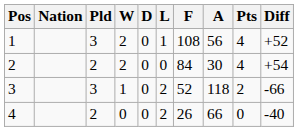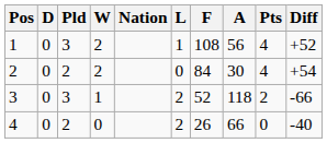 <table class="wikitable">
 <tr>
 <th>Pos</th>
-<th>Nation</th>
+<th>D</th>
 <th>Pld</th>
 <th>W</th>
-<th>D</th>
+<th>Nation</th>
 <th>L</th>
 <th>F</th>
 <th>A</th>
 <th>Pts</th>
 <th>Diff</th>
 </tr>
 <tr>
 <td>1</td>
-<td></td>
+<td>0</td>
 <td>3</td>
 <td>2</td>
-<td>0</td>
+<td></td>
 <td>1</td>
 <td>108</td>
 <td>56</td>
 <td>4</td>
 <td>+52</td>
 </tr>
 <tr>
 <td>2</td>
-<td></td>
+<td>0</td>
 <td>2</td>
 <td>2</td>
-<td>0</td>
+<td></td>
 <td>0</td>
 <td>84</td>
 <td>30</td>
 <td>4</td>
 <td>+54</td>
 </tr>
 <tr>
 <td>3</td>
-<td></td>
+<td>0</td>
 <td>3</td>
 <td>1</td>
-<td>0</td>
+<td></td>
 <td>2</td>
 <td>52</td>
 <td>118</td>
 <td>2</td>
 <td>-66</td>
 </tr>
 <tr>
 <td>4</td>
-<td></td>
+<td>0</td>
 <td>2</td>
 <td>0</td>
-<td>0</td>
+<td></td>
 <td>2</td>
 <td>26</td>
 <td>66</td>
 <td>0</td>
 <td>-40</td>
 </tr>
 </table>
